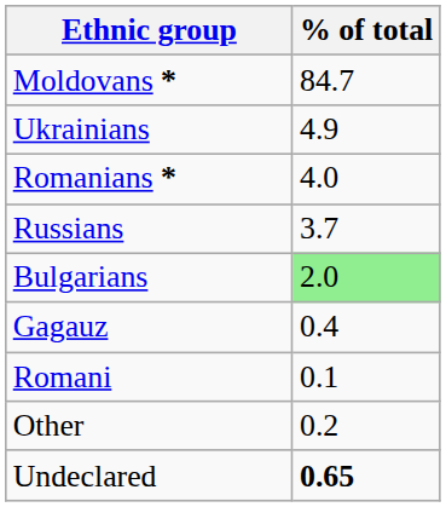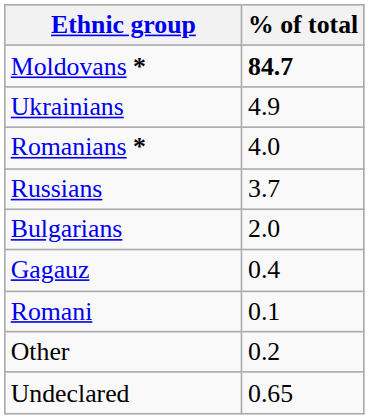 <table class="wikitable sortable">
 <tr>
 <th style="width:140px;"><a href='#'>Ethnic group</a></th>
 <th>% of total</th>
 </tr>
 <tr>
 <td><a href='#'>Moldovans</a> <strong>*</strong></td>
-<td>84.7</td>
+<td><strong>84.7</strong></td>
 </tr>
 <tr>
 <td><a href='#'>Ukrainians</a></td>
 <td>4.9</td>
 </tr>
 <tr>
 <td><a href='#'>Romanians</a> <strong>*</strong></td>
 <td>4.0</td>
 </tr>
 <tr>
 <td><a href='#'>Russians</a></td>
 <td>3.7</td>
 </tr>
 <tr>
 <td><a href='#'>Bulgarians</a></td>
-<td style="background: lightgreen;">2.0</td>
+<td>2.0</td>
 </tr>
 <tr>
 <td><a href='#'>Gagauz</a></td>
 <td>0.4</td>
 </tr>
 <tr>
 <td><a href='#'>Romani</a></td>
 <td>0.1</td>
 </tr>
 <tr>
 <td>Other</td>
 <td>0.2</td>
 </tr>
 <tr>
 <td>Undeclared</td>
-<td><strong>0.65</strong></td>
+<td>0.65</td>
 </tr>
 </table>
